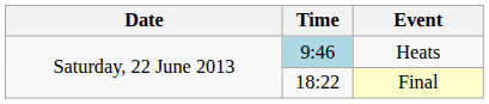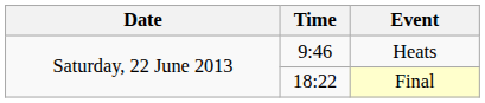 <table class = "wikitable" style="text-align:center;">
 <tr>
 <th width=220>Date</th>
 <th width=50>Time</th>
 <th width=100>Event</th>
 </tr>
 <tr>
 <td rowspan=2>Saturday, 22 June 2013</td>
-<td style="background: lightblue;">9:46</td>
+<td>9:46</td>
 <td>Heats</td>
 </tr>
 <tr>
 <td>18:22</td>
 <td bgcolor=ffffcc>Final</td>
 </tr>
 </table>
